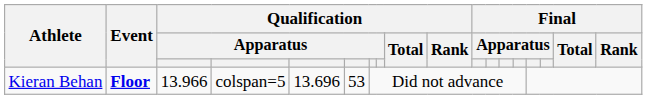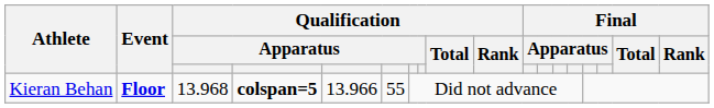 <table class="wikitable" style="font-size:90%;">
 <tr>
 <th rowspan=3>Athlete</th>
 <th rowspan=3>Event</th>
 <th colspan =8>Qualification</th>
 <th colspan =8>Final</th>
 </tr>
 <tr style="font-size:95%">
 <th colspan=6>Apparatus</th>
 <th rowspan=2>Total</th>
 <th rowspan=2>Rank</th>
 <th colspan=6>Apparatus</th>
 <th rowspan=2>Total</th>
 <th rowspan=2>Rank</th>
 </tr>
 <tr style="font-size:95%">
 <th></th>
 <th></th>
 <th></th>
 <th></th>
 <th></th>
 <th></th>
 <th></th>
 <th></th>
 <th></th>
 <th></th>
 <th></th>
 <th></th>
 </tr>
 <tr align=center>
 <td align=left><a href='#'>Kieran Behan</a></td>
 <td align=left><strong><a href='#'>Floor</a></strong></td>
+<td>13.968</td>
+<td><strong>colspan=5 </strong></td>
 <td>13.966</td>
-<td>colspan=5 </td>
-<td>13.696</td>
-<td>53</td>
+<td>55</td>
 <td colspan=8>Did not advance</td>
 </tr>
 </table>
